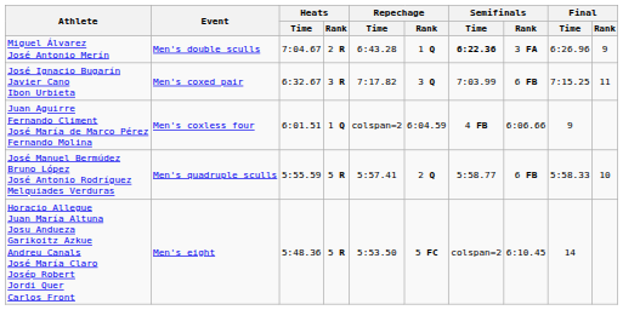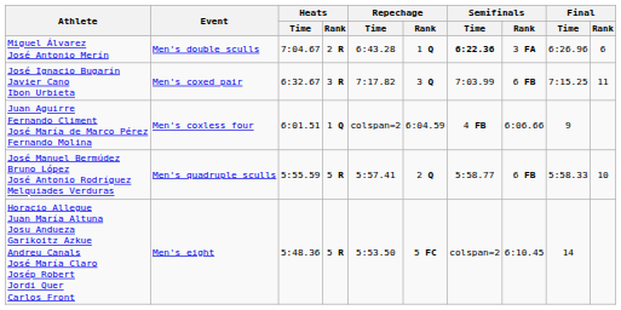 <table class="wikitable" style="font-size:90%">
 <tr>
 <th rowspan="2">Athlete</th>
 <th rowspan="2">Event</th>
 <th colspan="2">Heats</th>
 <th colspan="2">Repechage</th>
 <th colspan="2">Semifinals</th>
 <th colspan="2">Final</th>
 </tr>
 <tr style="font-size:95%">
 <th>Time</th>
 <th>Rank</th>
 <th>Time</th>
 <th>Rank</th>
 <th>Time</th>
 <th>Rank</th>
 <th>Time</th>
 <th>Rank</th>
 </tr>
 <tr align=center>
 <td align=left><a href='#'>Miguel Álvarez</a><br><a href='#'>José Antonio Merín</a></td>
 <td align=left><a href='#'>Men's double sculls</a></td>
 <td>7:04.67</td>
 <td>2 <strong>R</strong></td>
 <td>6:43.28</td>
 <td>1 <strong>Q</strong></td>
 <td><strong>6:22.36</strong></td>
 <td>3 <strong>FA</strong></td>
 <td>6:26.96</td>
-<td>9</td>
+<td>6</td>
 </tr>
 <tr align=center>
 <td align=left><a href='#'>José Ignacio Bugarín</a><br><a href='#'>Javier Cano</a><br><a href='#'>Ibon Urbieta</a></td>
 <td align=left><a href='#'>Men's coxed pair</a></td>
 <td>6:32.67</td>
 <td>3 <strong>R</strong></td>
 <td>7:17.82</td>
 <td>3 <strong>Q</strong></td>
 <td>7:03.99</td>
 <td>6 <strong>FB</strong></td>
 <td>7:15.25</td>
 <td>11</td>
 </tr>
 <tr align=center>
 <td align=left><a href='#'>Juan Aguirre</a><br><a href='#'>Fernando Climent</a><br><a href='#'>José María de Marco Pérez</a><br><a href='#'>Fernando Molina</a></td>
 <td align=left><a href='#'>Men's coxless four</a></td>
 <td>6:01.51</td>
 <td>1 <strong>Q</strong></td>
 <td>colspan=2 </td>
 <td>6:04.59</td>
 <td>4 <strong>FB</strong></td>
 <td>6:06.66</td>
 <td>9</td>
 </tr>
 <tr align=center>
 <td align=left><a href='#'>José Manuel Bermúdez</a><br><a href='#'>Bruno López</a><br><a href='#'>José Antonio Rodríguez</a><br><a href='#'>Melquiades Verduras</a></td>
 <td align=left><a href='#'>Men's quadruple sculls</a></td>
 <td>5:55.59</td>
 <td>5 <strong>R</strong></td>
 <td>5:57.41</td>
 <td>2 <strong>Q</strong></td>
 <td>5:58.77</td>
 <td>6 <strong>FB</strong></td>
 <td>5:58.33</td>
 <td>10</td>
 </tr>
 <tr align=center>
 <td align=left><a href='#'>Horacio Allegue</a><br><a href='#'>Juan María Altuna</a><br><a href='#'>Josu Andueza</a><br><a href='#'>Garikoitz Azkue</a><br><a href='#'>Andreu Canals</a><br><a href='#'>José María Claro</a><br><a href='#'>Josép Robert</a><br><a href='#'>Jordi Quer</a><br><a href='#'>Carlos Front</a></td>
 <td align=left><a href='#'>Men's eight</a></td>
 <td>5:48.36</td>
 <td>5 <strong>R</strong></td>
 <td>5:53.50</td>
 <td>5 <strong>FC</strong></td>
 <td>colspan=2 </td>
 <td>6:10.45</td>
 <td>14</td>
 </tr>
 </table>
